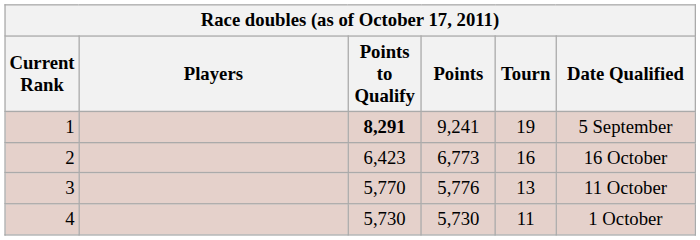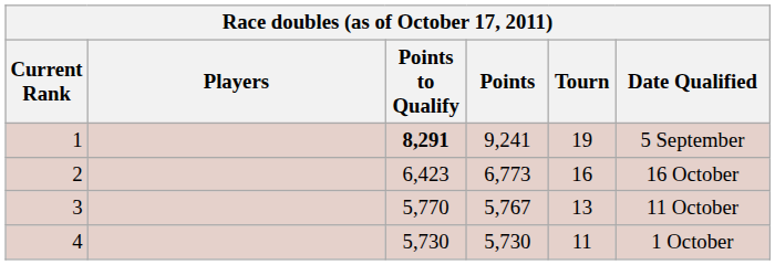 <table class="wikitable"  style="float:right; margin-left:1em; font-size:90%; text:justify; text-align:center;">
 <tr>
 <th colspan=6>Race doubles (as of October 17, 2011)</th>
 </tr>
 <tr>
 <th width=10>Current Rank</th>
 <th width=200>Players</th>
 <th width=50>Points to Qualify</th>
 <th width=50>Points</th>
 <th width=40>Tourn</th>
 <th width=100>Date Qualified</th>
 </tr>
 <tr style="background:#e5d1cb;">
 <td align=right>1</td>
 <td align=left> <br> </td>
 <td><strong>8,291</strong></td>
 <td>9,241</td>
 <td>19</td>
 <td>5 September</td>
 </tr>
 <tr style="background:#e5d1cb;">
 <td align=right>2</td>
 <td align=left> <br> </td>
 <td>6,423</td>
 <td>6,773</td>
 <td>16</td>
 <td>16 October</td>
 </tr>
 <tr style="background:#e5d1cb;">
 <td align=right>3</td>
 <td align=left> <br> </td>
 <td>5,770</td>
-<td>5,776</td>
+<td>5,767</td>
 <td>13</td>
 <td>11 October</td>
 </tr>
 <tr style="background:#e5d1cb;">
 <td align=right>4</td>
 <td align=left> <br> </td>
 <td>5,730</td>
 <td>5,730</td>
 <td>11</td>
 <td>1 October</td>
 </tr>
 </table>
